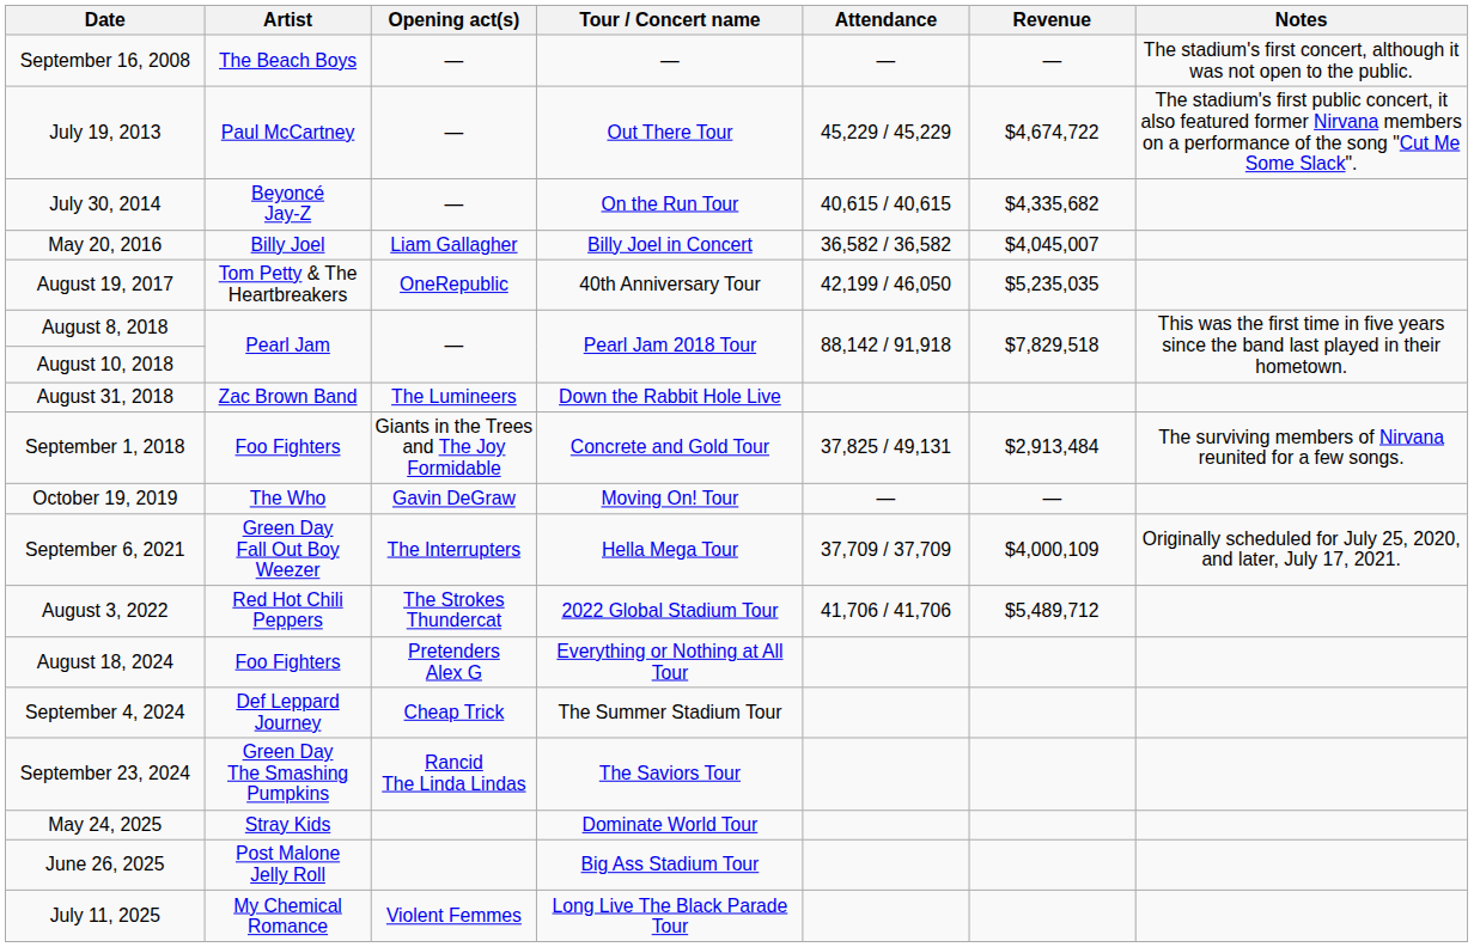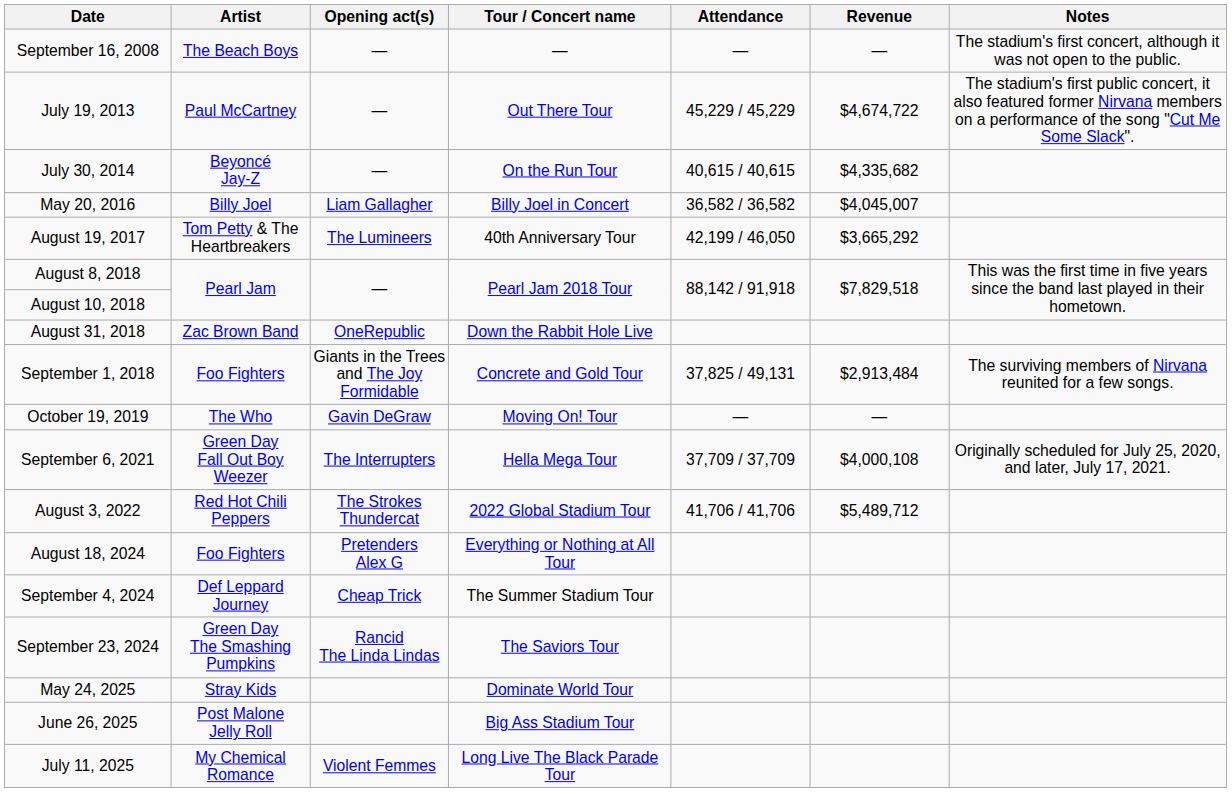 <table class="wikitable" style="text-align:center;">
 <tr>
 <th width=12% style="text-align:center;">Date</th>
 <th width=10% style="text-align:center;">Artist</th>
 <th width=10% style="text-align:center;">Opening act(s)</th>
 <th width=16% style="text-align:center;">Tour / Concert name</th>
 <th width=10% style="text-align:center;">Attendance</th>
 <th width=10% style="text-align:center;">Revenue</th>
 <th width=20% style="text-align:center;">Notes</th>
 </tr>
 <tr>
 <td>September 16, 2008</td>
 <td><a href='#'>The Beach Boys</a></td>
 <td>—</td>
 <td>—</td>
 <td>—</td>
 <td>—</td>
 <td>The stadium's first concert, although it was not open to the public.</td>
 </tr>
 <tr>
 <td>July 19, 2013</td>
 <td><a href='#'>Paul McCartney</a></td>
 <td>—</td>
 <td><a href='#'>Out There Tour</a></td>
 <td>45,229 / 45,229</td>
 <td>$4,674,722</td>
 <td>The stadium's first public concert, it also featured former <a href='#'>Nirvana</a> members on a performance of the song "<a href='#'>Cut Me Some Slack</a>".</td>
 </tr>
 <tr>
 <td>July 30, 2014</td>
 <td><a href='#'>Beyoncé</a><br><a href='#'>Jay-Z</a></td>
 <td>—</td>
 <td><a href='#'>On the Run Tour</a></td>
 <td>40,615 / 40,615</td>
 <td>$4,335,682</td>
 <td></td>
 </tr>
 <tr>
 <td>May 20, 2016</td>
 <td><a href='#'>Billy Joel</a></td>
 <td><a href='#'>Liam Gallagher</a></td>
 <td><a href='#'>Billy Joel in Concert</a></td>
 <td>36,582 / 36,582</td>
 <td>$4,045,007</td>
 <td></td>
 </tr>
 <tr>
 <td>August 19, 2017</td>
 <td><a href='#'>Tom Petty</a> & The Heartbreakers</td>
-<td><a href='#'>OneRepublic</a></td>
+<td><a href='#'>The Lumineers</a></td>
 <td>40th Anniversary Tour</td>
 <td>42,199 / 46,050</td>
-<td>$5,235,035</td>
+<td>$3,665,292</td>
 <td></td>
 </tr>
 <tr>
 <td>August 8, 2018</td>
 <td rowspan="2"><a href='#'>Pearl Jam</a></td>
 <td rowspan="2">—</td>
 <td rowspan="2"><a href='#'>Pearl Jam 2018 Tour</a></td>
 <td rowspan="2">88,142 / 91,918</td>
 <td rowspan="2">$7,829,518</td>
 <td rowspan="2">This was the first time in five years since the band last played in their hometown.</td>
 </tr>
 <tr>
 <td>August 10, 2018</td>
 </tr>
 <tr>
 <td>August 31, 2018</td>
 <td><a href='#'>Zac Brown Band</a></td>
-<td><a href='#'>The Lumineers</a></td>
+<td><a href='#'>OneRepublic</a></td>
 <td><a href='#'>Down the Rabbit Hole Live</a></td>
 <td></td>
 <td></td>
 <td></td>
 </tr>
 <tr>
 <td>September 1, 2018</td>
 <td><a href='#'>Foo Fighters</a></td>
 <td>Giants in the Trees and <a href='#'>The Joy Formidable</a></td>
 <td><a href='#'>Concrete and Gold Tour</a></td>
 <td>37,825 / 49,131</td>
 <td>$2,913,484</td>
 <td>The surviving members of <a href='#'>Nirvana</a> reunited for a few songs.</td>
 </tr>
 <tr>
 <td>October 19, 2019</td>
 <td><a href='#'>The Who</a></td>
 <td><a href='#'>Gavin DeGraw</a></td>
 <td><a href='#'>Moving On! Tour</a></td>
 <td>—</td>
 <td>—</td>
 <td></td>
 </tr>
 <tr>
 <td>September 6, 2021</td>
 <td><a href='#'>Green Day</a><br><a href='#'>Fall Out Boy</a><br><a href='#'>Weezer</a></td>
 <td><a href='#'>The Interrupters</a></td>
 <td><a href='#'>Hella Mega Tour</a></td>
 <td>37,709 / 37,709</td>
-<td>$4,000,109</td>
+<td>$4,000,108</td>
 <td>Originally scheduled for July 25, 2020, and later, July 17, 2021.</td>
 </tr>
 <tr>
 <td>August 3, 2022</td>
 <td><a href='#'>Red Hot Chili Peppers</a></td>
 <td><a href='#'>The Strokes</a><br><a href='#'>Thundercat</a></td>
 <td><a href='#'>2022 Global Stadium Tour</a></td>
 <td>41,706 / 41,706</td>
 <td>$5,489,712</td>
 <td></td>
 </tr>
 <tr>
 <td>August 18, 2024</td>
 <td><a href='#'>Foo Fighters</a></td>
 <td><a href='#'>Pretenders</a><br><a href='#'>Alex G</a></td>
 <td><a href='#'>Everything or Nothing at All Tour</a></td>
 <td></td>
 <td></td>
 <td></td>
 </tr>
 <tr>
 <td>September 4, 2024</td>
 <td><a href='#'>Def Leppard</a><br><a href='#'>Journey</a></td>
 <td><a href='#'>Cheap Trick</a></td>
 <td>The Summer Stadium Tour</td>
 <td></td>
 <td></td>
 <td></td>
 </tr>
 <tr>
 <td>September 23, 2024</td>
 <td><a href='#'>Green Day</a><br><a href='#'>The Smashing Pumpkins</a></td>
 <td><a href='#'>Rancid</a><br><a href='#'>The Linda Lindas</a></td>
 <td><a href='#'>The Saviors Tour</a></td>
 <td></td>
 <td></td>
 <td></td>
 </tr>
 <tr>
 <td>May 24, 2025</td>
 <td><a href='#'>Stray Kids</a></td>
 <td></td>
 <td><a href='#'>Dominate World Tour</a></td>
 <td></td>
 <td></td>
 <td></td>
 </tr>
 <tr>
 <td>June 26, 2025</td>
 <td><a href='#'>Post Malone</a><br><a href='#'>Jelly Roll</a></td>
 <td></td>
 <td><a href='#'>Big Ass Stadium Tour</a></td>
 <td></td>
 <td></td>
 <td></td>
 </tr>
 <tr>
 <td>July 11, 2025</td>
 <td><a href='#'>My Chemical Romance</a></td>
 <td><a href='#'>Violent Femmes</a></td>
 <td><a href='#'>Long Live The Black Parade Tour</a></td>
 <td></td>
 <td></td>
 <td></td>
 </tr>
 <tr>
 </tr>
 </table>
